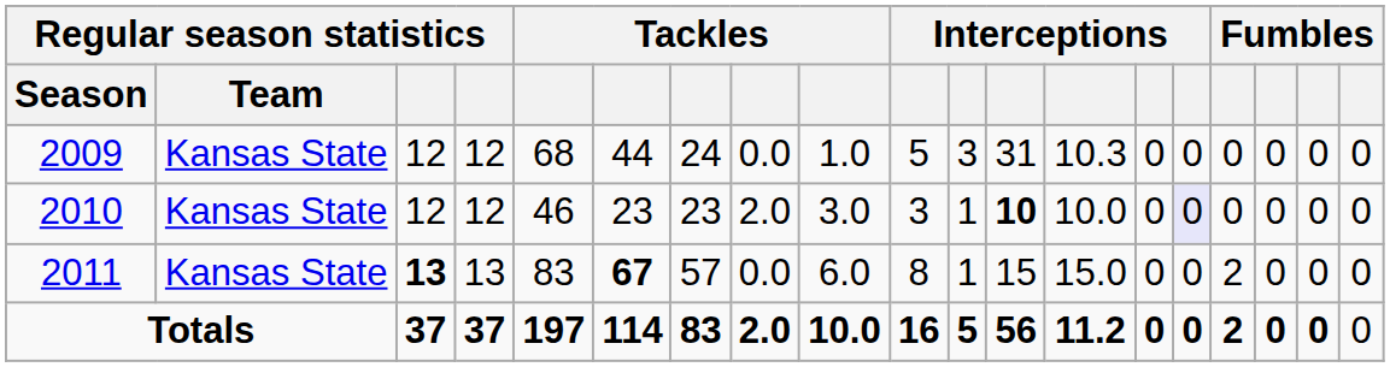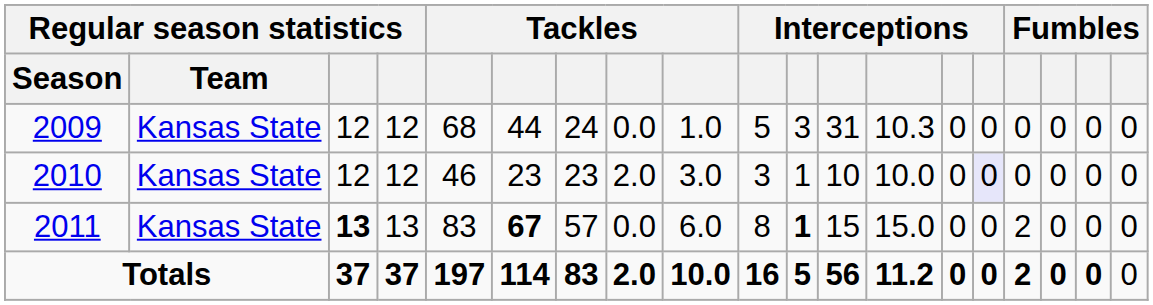 <table class="wikitable sortable" style="text-align:center;">
 <tr>
 <th colspan="4">Regular season statistics</th>
 <th colspan="5">Tackles</th>
 <th colspan="6">Interceptions</th>
 <th colspan="4">Fumbles</th>
 </tr>
 <tr>
 <th>Season</th>
 <th>Team</th>
 <th></th>
 <th></th>
 <th></th>
 <th></th>
 <th></th>
 <th></th>
 <th></th>
 <th></th>
 <th></th>
 <th></th>
 <th></th>
 <th></th>
 <th></th>
 <th></th>
 <th></th>
 <th></th>
 <th></th>
 </tr>
 <tr>
 <td><a href='#'>2009</a></td>
 <td><a href='#'>Kansas State</a></td>
 <td>12</td>
 <td>12</td>
 <td>68</td>
 <td>44</td>
 <td>24</td>
 <td>0.0</td>
 <td>1.0</td>
 <td>5</td>
 <td>3</td>
 <td>31</td>
 <td>10.3</td>
 <td>0</td>
 <td>0</td>
 <td>0</td>
 <td>0</td>
 <td>0</td>
 <td>0</td>
 </tr>
 <tr>
 <td><a href='#'>2010</a></td>
 <td><a href='#'>Kansas State</a></td>
 <td>12</td>
 <td>12</td>
 <td>46</td>
 <td>23</td>
 <td>23</td>
 <td>2.0</td>
 <td>3.0</td>
 <td>3</td>
 <td>1</td>
-<td><strong>10</strong></td>
+<td>10</td>
 <td>10.0</td>
 <td>0</td>
 <td style="background: lavender;">0</td>
 <td>0</td>
 <td>0</td>
 <td>0</td>
 <td>0</td>
 </tr>
 <tr>
 <td><a href='#'>2011</a></td>
 <td><a href='#'>Kansas State</a></td>
 <td><strong>13</strong></td>
 <td>13</td>
 <td>83</td>
 <td><strong>67</strong></td>
 <td>57</td>
 <td>0.0</td>
 <td>6.0</td>
 <td>8</td>
-<td>1</td>
+<td><strong>1</strong></td>
 <td>15</td>
 <td>15.0</td>
 <td>0</td>
 <td>0</td>
 <td>2</td>
 <td>0</td>
 <td>0</td>
 <td>0</td>
 </tr>
 <tr class="sortbottom">
 <td colspan="2"><strong>Totals</strong></td>
 <td><strong>37</strong></td>
 <td><strong>37</strong></td>
 <td><strong>197</strong></td>
 <td><strong>114</strong></td>
 <td><strong>83</strong></td>
 <td><strong>2.0</strong></td>
 <td><strong>10.0</strong></td>
 <td><strong>16</strong></td>
 <td><strong>5</strong></td>
 <td><strong>56</strong></td>
 <td><strong>11.2</strong></td>
 <td><strong>0</strong></td>
 <td><strong>0</strong></td>
 <td><strong>2</strong></td>
 <td><strong>0</strong></td>
 <td><strong>0</strong></td>
 <td>0</td>
 </tr>
 </table>
